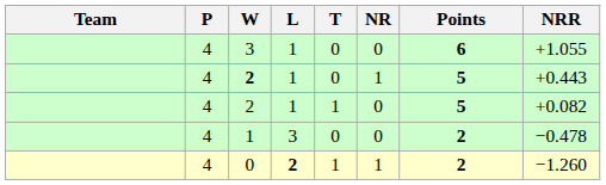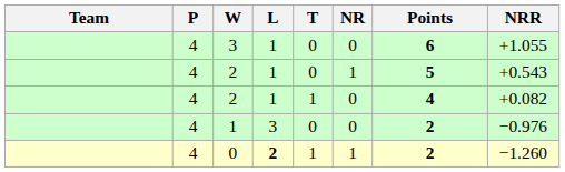 <table class="wikitable" style="text-align:center;">
 <tr>
 <th width=150>Team</th>
 <th style="width:30px;" abbr="Played">P</th>
 <th style="width:30px;" abbr="Won">W</th>
 <th style="width:30px;" abbr="Lost">L</th>
 <th style="width:30px;" abbr="Tied">T</th>
 <th style="width:30px;" abbr="No result">NR</th>
 <th style="width:100px;" abbr="Points">Points</th>
 <th style="width:60px;" abbr="Net run rate">NRR</th>
 </tr>
 <tr style="background:#cfc;">
 <td style="text-align:left;"></td>
 <td>4</td>
 <td>3</td>
 <td>1</td>
 <td>0</td>
 <td>0</td>
 <td><strong>6</strong></td>
 <td>+1.055</td>
 </tr>
 <tr style="background:#cfc;">
 <td style="text-align:left;"></td>
 <td>4</td>
-<td><strong>2</strong></td>
+<td>2</td>
 <td>1</td>
 <td>0</td>
 <td>1</td>
 <td><strong>5</strong></td>
-<td>+0.443</td>
+<td>+0.543</td>
 </tr>
 <tr style="background:#cfc;">
 <td style="text-align:left;"></td>
 <td>4</td>
 <td>2</td>
 <td>1</td>
 <td>1</td>
 <td>0</td>
-<td><strong>5</strong></td>
+<td><strong>4</strong></td>
 <td>+0.082</td>
 </tr>
 <tr style="background:#cfc;">
 <td style="text-align:left;"></td>
 <td>4</td>
 <td>1</td>
 <td>3</td>
 <td>0</td>
 <td>0</td>
 <td><strong>2</strong></td>
-<td>−0.478</td>
+<td>−0.976</td>
 </tr>
 <tr style="background:#ffc;">
 <td style="text-align:left;"></td>
 <td>4</td>
 <td>0</td>
 <td><strong>2</strong></td>
 <td>1</td>
 <td>1</td>
 <td><strong>2</strong></td>
 <td>−1.260</td>
 </tr>
 </table>
